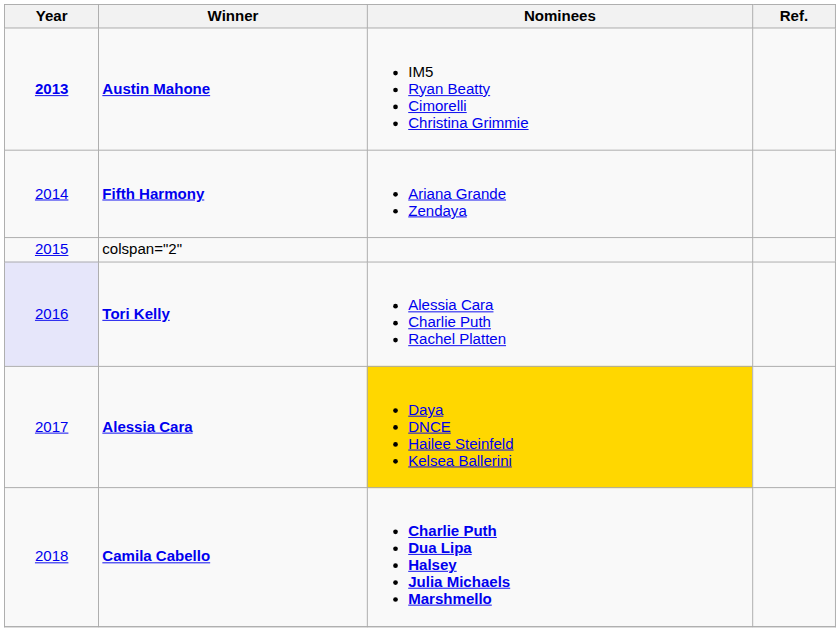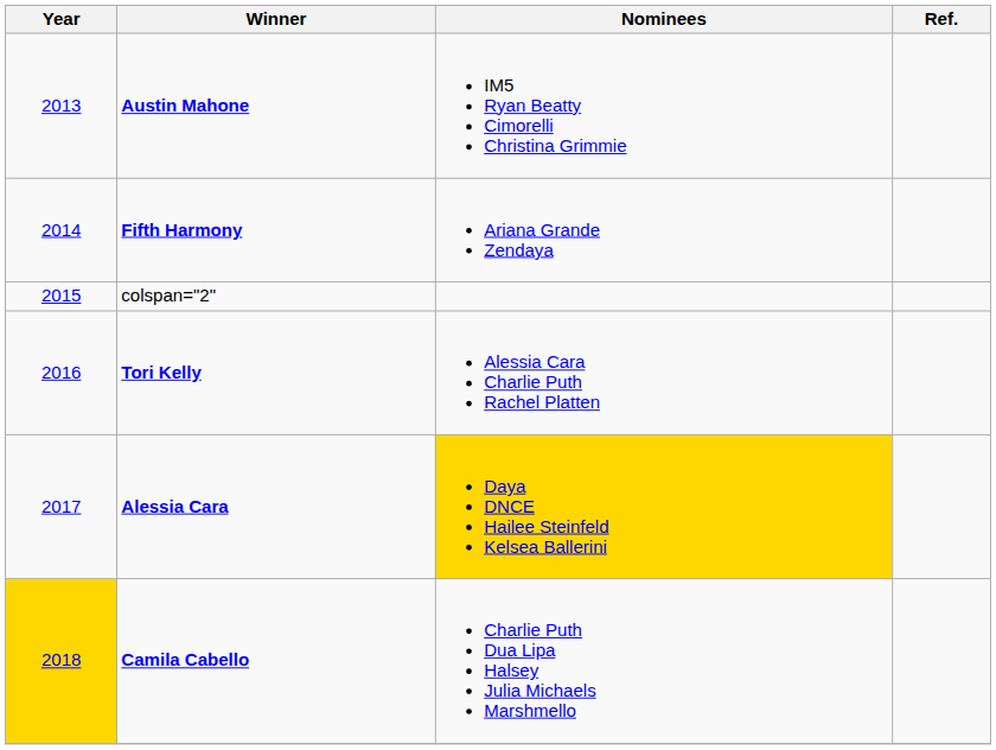 <table class="wikitable" width=70%>
 <tr>
 <th>Year</th>
 <th>Winner</th>
 <th>Nominees</th>
 <th>Ref.</th>
 </tr>
 <tr>
-<td align="center"><strong><a href='#'>2013</a></strong></td>
+<td align="center"><a href='#'>2013</a></td>
 <td><strong><a href='#'>Austin Mahone</a></strong></td>
 <td><br><ul><li>IM5</li><li><a href='#'>Ryan Beatty</a></li><li><a href='#'>Cimorelli</a></li><li><a href='#'>Christina Grimmie</a></li></ul></td>
 <td align="center"></td>
 </tr>
 <tr>
 <td align="center"><a href='#'>2014</a></td>
 <td><strong><a href='#'>Fifth Harmony</a></strong></td>
 <td><br><ul><li><a href='#'>Ariana Grande</a></li><li><a href='#'>Zendaya</a></li></ul></td>
 <td align="center"></td>
 </tr>
 <tr>
 <td align="center"><a href='#'>2015</a></td>
 <td>colspan="2" </td>
 <td align="center"></td>
 </tr>
 <tr>
-<td align="center" style="background: lavender;"><a href='#'>2016</a></td>
+<td align="center"><a href='#'>2016</a></td>
 <td><strong><a href='#'>Tori Kelly</a></strong></td>
 <td><br><ul><li><a href='#'>Alessia Cara</a></li><li><a href='#'>Charlie Puth</a></li><li><a href='#'>Rachel Platten</a></li></ul></td>
 <td align="center"></td>
 </tr>
 <tr>
 <td align="center"><a href='#'>2017</a></td>
 <td><strong><a href='#'>Alessia Cara</a></strong></td>
 <td style="background: gold;"><br><ul><li><a href='#'>Daya</a></li><li><a href='#'>DNCE</a></li><li><a href='#'>Hailee Steinfeld</a></li><li><a href='#'>Kelsea Ballerini</a></li></ul></td>
 <td></td>
 </tr>
 <tr>
-<td align="center"><a href='#'>2018</a></td>
+<td align="center" style="background: gold;"><a href='#'>2018</a></td>
 <td><strong><a href='#'>Camila Cabello</a></strong></td>
-<td><strong><br><ul><li><a href='#'>Charlie Puth</a></li><li><a href='#'>Dua Lipa</a></li><li><a href='#'>Halsey</a></li><li><a href='#'>Julia Michaels</a></li><li><a href='#'>Marshmello</a></li></ul></strong></td>
+<td><br><ul><li><a href='#'>Charlie Puth</a></li><li><a href='#'>Dua Lipa</a></li><li><a href='#'>Halsey</a></li><li><a href='#'>Julia Michaels</a></li><li><a href='#'>Marshmello</a></li></ul></td>
 <td></td>
 </tr>
 <tr>
 </tr>
 </table>
